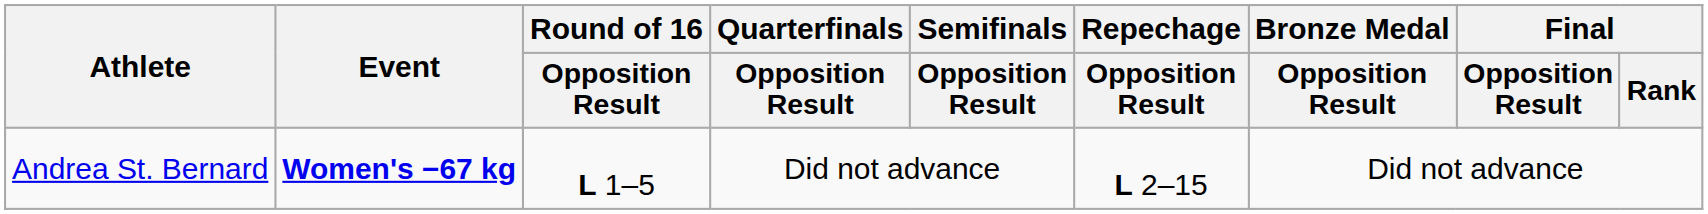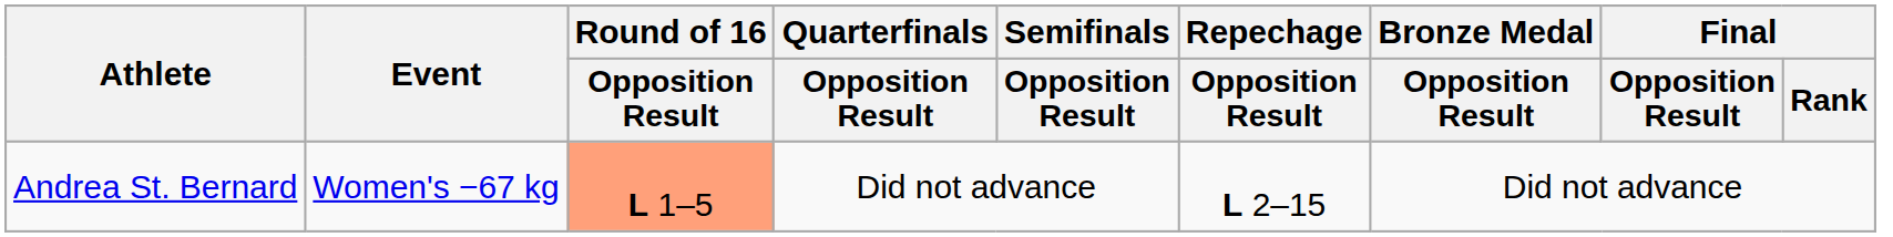 <table class="wikitable" border="1" style="font-size:90%">
 <tr>
 <th rowspan="2">Athlete</th>
 <th rowspan="2">Event</th>
 <th>Round of 16</th>
 <th>Quarterfinals</th>
 <th>Semifinals</th>
 <th>Repechage</th>
 <th>Bronze Medal</th>
 <th colspan=2>Final</th>
 </tr>
 <tr style="font-size:95%">
 <th>Opposition<br>Result</th>
 <th>Opposition<br>Result</th>
 <th>Opposition<br>Result</th>
 <th>Opposition<br>Result</th>
 <th>Opposition<br>Result</th>
 <th>Opposition<br>Result</th>
 <th>Rank</th>
 </tr>
 <tr align=center>
 <td align=left><a href='#'>Andrea St. Bernard</a></td>
-<td align=left><strong><a href='#'>Women's −67 kg</a></strong></td>
-<td><br><strong>L</strong> 1–5</td>
+<td align=left><a href='#'>Women's −67 kg</a></td>
+<td style="background: lightsalmon;"><br><strong>L</strong> 1–5</td>
 <td colspan=2>Did not advance</td>
 <td><br><strong>L</strong> 2–15</td>
 <td colspan=3>Did not advance</td>
 </tr>
 </table>
